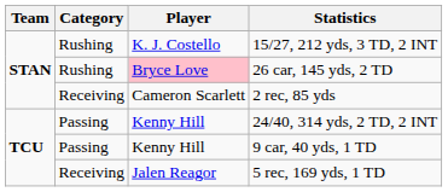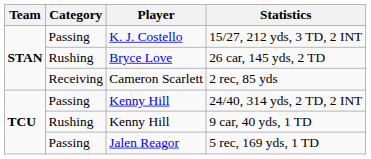 <table class="wikitable">
 <tr>
 <th>Team</th>
 <th>Category</th>
 <th>Player</th>
 <th>Statistics</th>
 </tr>
 <tr>
 <td rowspan=3><strong>STAN</strong></td>
-<td>Rushing</td>
+<td>Passing</td>
 <td><a href='#'>K. J. Costello</a></td>
 <td>15/27, 212 yds, 3 TD, 2 INT</td>
 </tr>
 <tr>
 <td>Rushing</td>
-<td style="background: pink;"><a href='#'>Bryce Love</a></td>
+<td><a href='#'>Bryce Love</a></td>
 <td>26 car, 145 yds, 2 TD</td>
 </tr>
 <tr>
 <td>Receiving</td>
 <td>Cameron Scarlett</td>
 <td>2 rec, 85 yds</td>
 </tr>
 <tr>
 <td rowspan=3><strong>TCU</strong></td>
 <td>Passing</td>
 <td><a href='#'>Kenny Hill</a></td>
 <td>24/40, 314 yds, 2 TD, 2 INT</td>
 </tr>
 <tr>
-<td>Passing</td>
+<td>Rushing</td>
 <td>Kenny Hill</td>
 <td>9 car, 40 yds, 1 TD</td>
 </tr>
 <tr>
-<td>Receiving</td>
+<td>Passing</td>
 <td><a href='#'>Jalen Reagor</a></td>
 <td>5 rec, 169 yds, 1 TD</td>
 </tr>
 </table>
